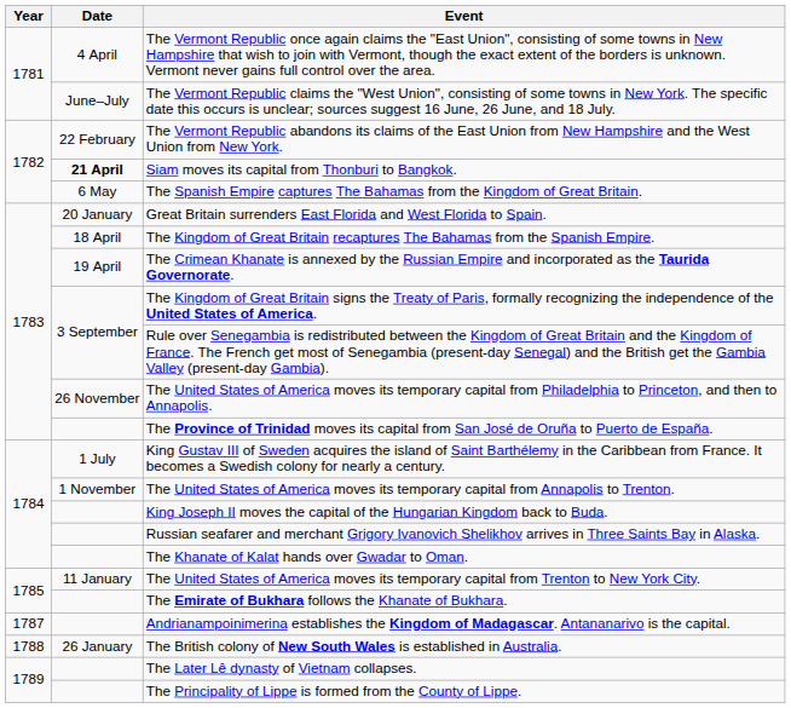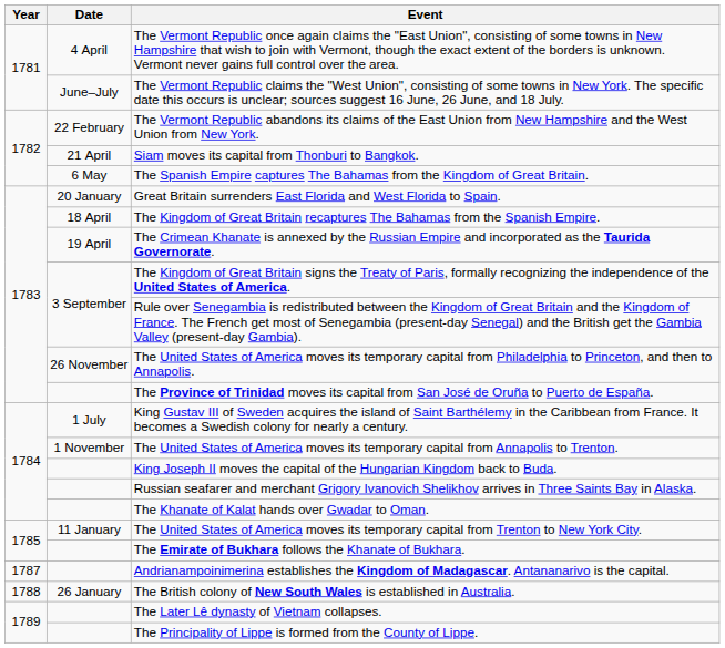 <table class=wikitable style="width:100%;">
 <tr>
 <th style="width:6%">Year</th>
 <th style="width:8%">Date</th>
 <th style="width:86%">Event</th>
 </tr>
 <tr>
 <td rowspan=2 align=center>1781</td>
 <td align=center>4 April</td>
 <td>The <a href='#'>Vermont Republic</a> once again claims the "East Union", consisting of some towns in <a href='#'>New Hampshire</a> that wish to join with Vermont, though the exact extent of the borders is unknown. Vermont never gains full control over the area.</td>
 </tr>
 <tr>
 <td align=center>June–July</td>
 <td>The <a href='#'>Vermont Republic</a> claims the "West Union", consisting of some towns in <a href='#'>New York</a>. The specific date this occurs is unclear; sources suggest 16 June, 26 June, and 18 July.</td>
 </tr>
 <tr>
 <td rowspan=3 align=center>1782</td>
 <td align=center>22 February</td>
 <td>The <a href='#'>Vermont Republic</a> abandons its claims of the East Union from <a href='#'>New Hampshire</a> and the West Union from <a href='#'>New York</a>.</td>
 </tr>
 <tr>
-<td align=center><strong>21 April</strong></td>
+<td align=center>21 April</td>
 <td><a href='#'>Siam</a> moves its capital from <a href='#'>Thonburi</a> to <a href='#'>Bangkok</a>.</td>
 </tr>
 <tr>
 <td align=center>6 May</td>
 <td>The <a href='#'>Spanish Empire</a> <a href='#'>captures</a> <a href='#'>The Bahamas</a> from the <a href='#'>Kingdom of Great Britain</a>.</td>
 </tr>
 <tr>
 <td rowspan=7 align=center>1783</td>
 <td align=center>20 January</td>
 <td>Great Britain surrenders <a href='#'>East Florida</a> and <a href='#'>West Florida</a> to <a href='#'>Spain</a>.</td>
 </tr>
 <tr>
 <td align=center>18 April</td>
 <td>The <a href='#'>Kingdom of Great Britain</a> <a href='#'>recaptures</a> <a href='#'>The Bahamas</a> from the <a href='#'>Spanish Empire</a>.</td>
 </tr>
 <tr>
 <td align=center>19 April</td>
 <td>The <a href='#'>Crimean Khanate</a> is annexed by the <a href='#'>Russian Empire</a> and incorporated as the <strong><a href='#'>Taurida Governorate</a></strong>.</td>
 </tr>
 <tr>
 <td rowspan=2 align=center>3 September</td>
 <td>The <a href='#'>Kingdom of Great Britain</a> signs the <a href='#'>Treaty of Paris</a>, formally recognizing the independence of the <strong><a href='#'>United States of America</a></strong>.</td>
 </tr>
 <tr>
 <td>Rule over <a href='#'>Senegambia</a> is redistributed between the <a href='#'>Kingdom of Great Britain</a> and the <a href='#'>Kingdom of France</a>. The French get most of Senegambia (present-day <a href='#'>Senegal</a>) and the British get the <a href='#'>Gambia Valley</a> (present-day <a href='#'>Gambia</a>).</td>
 </tr>
 <tr>
 <td align=center>26 November</td>
 <td>The <a href='#'>United States of America</a> moves its temporary capital from <a href='#'>Philadelphia</a> to <a href='#'>Princeton</a>, and then to <a href='#'>Annapolis</a>.</td>
 </tr>
 <tr>
 <td></td>
 <td>The <strong><a href='#'>Province of Trinidad</a></strong> moves its capital from <a href='#'>San José de Oruña</a> to <a href='#'>Puerto de España</a>.</td>
 </tr>
 <tr>
 <td rowspan=5 align=center>1784</td>
 <td align=center>1 July</td>
 <td>King <a href='#'>Gustav III</a> of <a href='#'>Sweden</a> acquires the island of <a href='#'>Saint Barthélemy</a> in the Caribbean from France. It becomes a Swedish colony for nearly a century.</td>
 </tr>
 <tr>
 <td align=center>1 November</td>
 <td>The <a href='#'>United States of America</a> moves its temporary capital from <a href='#'>Annapolis</a> to <a href='#'>Trenton</a>.</td>
 </tr>
 <tr>
 <td></td>
 <td><a href='#'>King Joseph II</a> moves the capital of the <a href='#'>Hungarian Kingdom</a> back to <a href='#'>Buda</a>.</td>
 </tr>
 <tr>
 <td></td>
 <td>Russian seafarer and merchant <a href='#'>Grigory Ivanovich Shelikhov</a> arrives in <a href='#'>Three Saints Bay</a> in <a href='#'>Alaska</a>.</td>
 </tr>
 <tr>
 <td></td>
 <td>The <a href='#'>Khanate of Kalat</a> hands over <a href='#'>Gwadar</a> to <a href='#'>Oman</a>.</td>
 </tr>
 <tr>
 <td rowspan=2 align=center>1785</td>
 <td align=center>11 January</td>
 <td>The <a href='#'>United States of America</a> moves its temporary capital from <a href='#'>Trenton</a> to <a href='#'>New York City</a>.</td>
 </tr>
 <tr>
 <td></td>
 <td>The <strong><a href='#'>Emirate of Bukhara</a></strong> follows the <a href='#'>Khanate of Bukhara</a>.</td>
 </tr>
 <tr>
 <td align=center>1787</td>
 <td></td>
 <td><a href='#'>Andrianampoinimerina</a> establishes the <strong><a href='#'>Kingdom of Madagascar</a></strong>. <a href='#'>Antananarivo</a> is the capital.</td>
 </tr>
 <tr>
 <td align=center>1788</td>
 <td align=center>26 January</td>
 <td>The British colony of <strong><a href='#'>New South Wales</a></strong> is established in <a href='#'>Australia</a>.</td>
 </tr>
 <tr>
 <td rowspan=2 align=center>1789</td>
 <td></td>
 <td>The <a href='#'>Later Lê dynasty</a> of <a href='#'>Vietnam</a> collapses.</td>
 </tr>
 <tr>
 <td></td>
 <td>The <a href='#'>Principality of Lippe</a> is formed from the <a href='#'>County of Lippe</a>.</td>
 </tr>
 </table>
